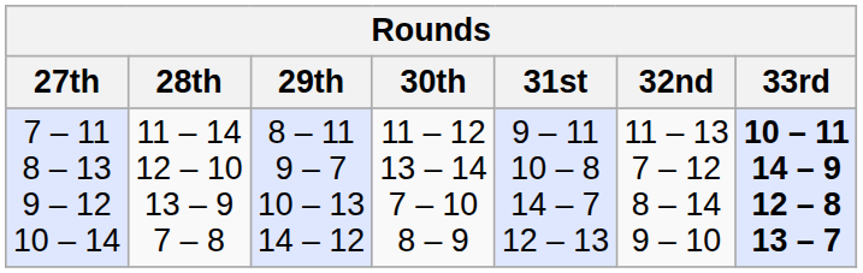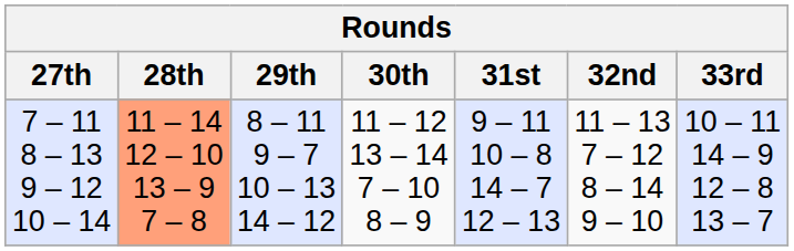 <table class="wikitable">
 <tr>
 <th colspan=7>Rounds</th>
 </tr>
 <tr>
 <th>27th</th>
 <th>28th</th>
 <th>29th</th>
 <th>30th</th>
 <th>31st</th>
 <th>32nd</th>
 <th>33rd</th>
 </tr>
 <tr align=center>
 <td bgcolor=DFE7FF>7 – 11 <br> 8 – 13 <br> 9 – 12 <br> 10 – 14</td>
-<td>11 – 14 <br> 12 – 10 <br> 13 – 9 <br> 7 – 8</td>
+<td style="background: lightsalmon;">11 – 14 <br> 12 – 10 <br> 13 – 9 <br> 7 – 8</td>
 <td bgcolor=DFE7FF>8 – 11 <br> 9 – 7 <br> 10 – 13 <br> 14 – 12</td>
 <td>11 – 12 <br> 13 – 14 <br> 7 – 10 <br> 8 – 9</td>
 <td bgcolor=DFE7FF>9 – 11 <br> 10 – 8 <br> 14 – 7 <br> 12 – 13</td>
 <td>11 – 13 <br> 7 – 12 <br> 8 – 14 <br> 9 – 10</td>
-<td bgcolor=DFE7FF><strong>10 – 11 <br> 14 – 9 <br> 12 – 8 <br> 13 – 7</strong></td>
+<td bgcolor=DFE7FF>10 – 11 <br> 14 – 9 <br> 12 – 8 <br> 13 – 7</td>
 </tr>
 </table>
